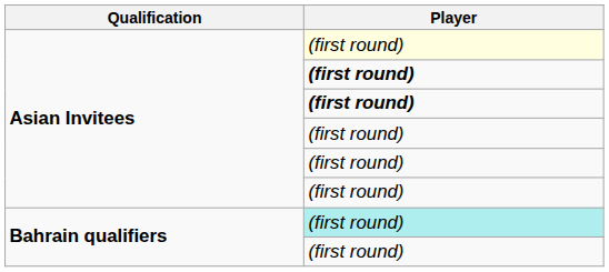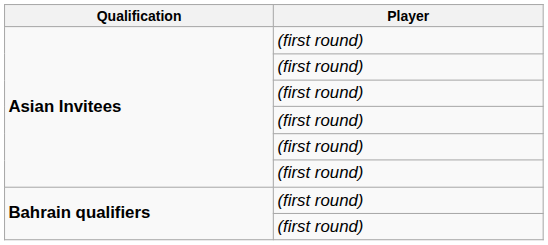 <table class="wikitable">
 <tr style="font-size:10pt;font-weight:bold">
 <th width="250">Qualification</th>
 <th width="250">Player</th>
 </tr>
 <tr>
 <td rowspan="6"><strong>Asian Invitees</strong></td>
-<td style="background: lightyellow;"> <em>(first round)</em></td>
+<td> <em>(first round)</em></td>
 </tr>
 <tr>
-<td><strong> <em>(first round)</em></strong></td>
+<td> <em>(first round)</em></td>
 </tr>
 <tr>
-<td><strong> <em>(first round)</em></strong></td>
+<td> <em>(first round)</em></td>
 </tr>
 <tr>
 <td> <em>(first round)</em></td>
 </tr>
 <tr>
 <td> <em>(first round)</em></td>
 </tr>
 <tr>
 <td> <em>(first round)</em></td>
 </tr>
 <tr>
 <td rowspan="2"><strong>Bahrain qualifiers</strong></td>
-<td style="background: paleturquoise;"> <em>(first round)</em></td>
+<td> <em>(first round)</em></td>
 </tr>
 <tr>
 <td> <em>(first round)</em></td>
 </tr>
 </table>
